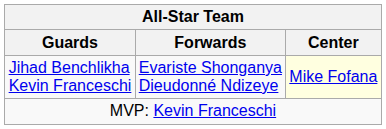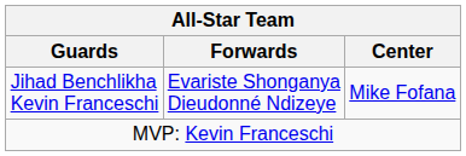 <table class="wikitable" style="margin:auto">
 <tr>
 <th colspan="3" align="center">All-Star Team</th>
 </tr>
 <tr>
 <th>Guards</th>
 <th>Forwards</th>
 <th>Center</th>
 </tr>
 <tr>
 <td> <a href='#'>Jihad Benchlikha</a><br> <a href='#'>Kevin Franceschi</a></td>
 <td> <a href='#'>Evariste Shonganya</a><br> <a href='#'>Dieudonné Ndizeye</a></td>
-<td style="background: lightyellow;"> <a href='#'>Mike Fofana</a></td>
+<td> <a href='#'>Mike Fofana</a></td>
 </tr>
 <tr>
 <td colspan="3" align="center">MVP:  <a href='#'>Kevin Franceschi</a></td>
 </tr>
 </table>
